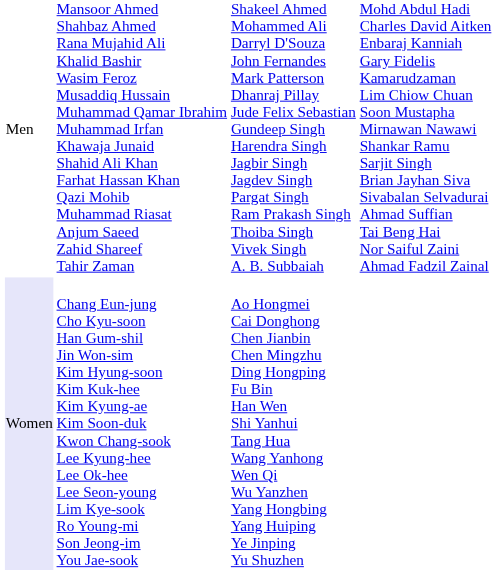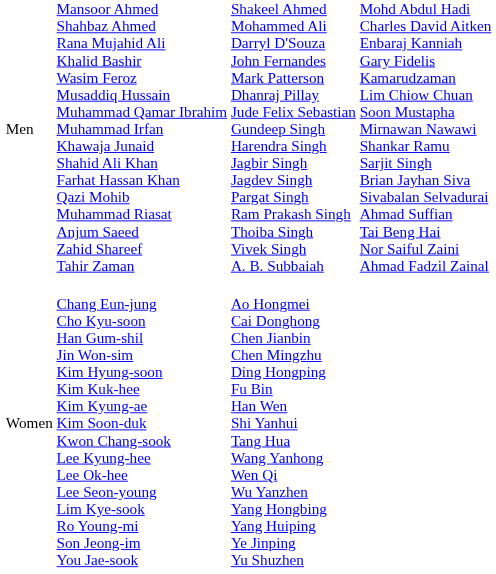 <table>
 <tr>
 <td>Men<br></td>
 <td><br><a href='#'>Mansoor Ahmed</a><br><a href='#'>Shahbaz Ahmed</a><br><a href='#'>Rana Mujahid Ali</a><br><a href='#'>Khalid Bashir</a><br><a href='#'>Wasim Feroz</a><br><a href='#'>Musaddiq Hussain</a><br><a href='#'>Muhammad Qamar Ibrahim</a><br><a href='#'>Muhammad Irfan</a><br><a href='#'>Khawaja Junaid</a><br><a href='#'>Shahid Ali Khan</a><br><a href='#'>Farhat Hassan Khan</a><br><a href='#'>Qazi Mohib</a><br><a href='#'>Muhammad Riasat</a><br><a href='#'>Anjum Saeed</a><br><a href='#'>Zahid Shareef</a><br><a href='#'>Tahir Zaman</a></td>
 <td><br><a href='#'>Shakeel Ahmed</a><br><a href='#'>Mohammed Ali</a><br><a href='#'>Darryl D'Souza</a><br><a href='#'>John Fernandes</a><br><a href='#'>Mark Patterson</a><br><a href='#'>Dhanraj Pillay</a><br><a href='#'>Jude Felix Sebastian</a><br><a href='#'>Gundeep Singh</a><br><a href='#'>Harendra Singh</a><br><a href='#'>Jagbir Singh</a><br><a href='#'>Jagdev Singh</a><br><a href='#'>Pargat Singh</a><br><a href='#'>Ram Prakash Singh</a><br><a href='#'>Thoiba Singh</a><br><a href='#'>Vivek Singh</a><br><a href='#'>A. B. Subbaiah</a></td>
 <td><br><a href='#'>Mohd Abdul Hadi</a><br><a href='#'>Charles David Aitken</a><br><a href='#'>Enbaraj Kanniah</a><br><a href='#'>Gary Fidelis</a><br><a href='#'>Kamarudzaman</a><br><a href='#'>Lim Chiow Chuan</a><br><a href='#'>Soon Mustapha</a><br><a href='#'>Mirnawan Nawawi</a><br><a href='#'>Shankar Ramu</a><br><a href='#'>Sarjit Singh</a><br><a href='#'>Brian Jayhan Siva</a><br><a href='#'>Sivabalan Selvadurai</a><br><a href='#'>Ahmad Suffian</a><br><a href='#'>Tai Beng Hai</a><br><a href='#'>Nor Saiful Zaini</a><br><a href='#'>Ahmad Fadzil Zainal</a></td>
 </tr>
 <tr>
-<td style="background: lavender;">Women<br></td>
+<td>Women<br></td>
 <td><br><a href='#'>Chang Eun-jung</a><br><a href='#'>Cho Kyu-soon</a><br><a href='#'>Han Gum-shil</a><br><a href='#'>Jin Won-sim</a><br><a href='#'>Kim Hyung-soon</a><br><a href='#'>Kim Kuk-hee</a><br><a href='#'>Kim Kyung-ae</a><br><a href='#'>Kim Soon-duk</a><br><a href='#'>Kwon Chang-sook</a><br><a href='#'>Lee Kyung-hee</a><br><a href='#'>Lee Ok-hee</a><br><a href='#'>Lee Seon-young</a><br><a href='#'>Lim Kye-sook</a><br><a href='#'>Ro Young-mi</a><br><a href='#'>Son Jeong-im</a><br><a href='#'>You Jae-sook</a></td>
 <td><br><a href='#'>Ao Hongmei</a><br><a href='#'>Cai Donghong</a><br><a href='#'>Chen Jianbin</a><br><a href='#'>Chen Mingzhu</a><br><a href='#'>Ding Hongping</a><br><a href='#'>Fu Bin</a><br><a href='#'>Han Wen</a><br><a href='#'>Shi Yanhui</a><br><a href='#'>Tang Hua</a><br><a href='#'>Wang Yanhong</a><br><a href='#'>Wen Qi</a><br><a href='#'>Wu Yanzhen</a><br><a href='#'>Yang Hongbing</a><br><a href='#'>Yang Huiping</a><br><a href='#'>Ye Jinping</a><br><a href='#'>Yu Shuzhen</a></td>
 <td valign=top></td>
 </tr>
 </table>
